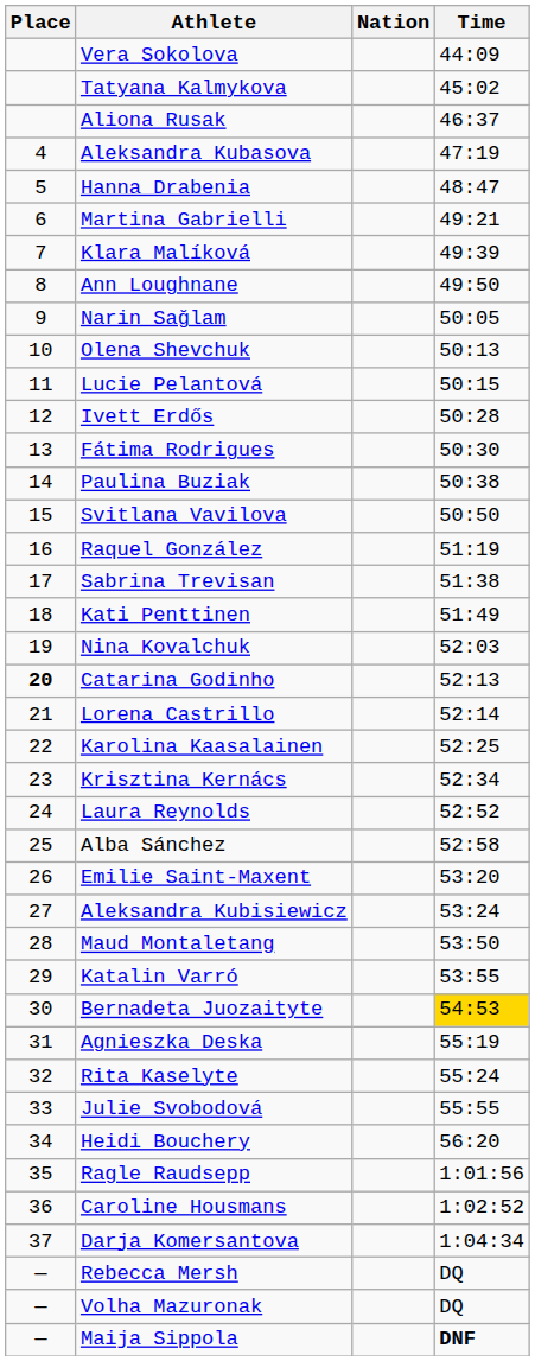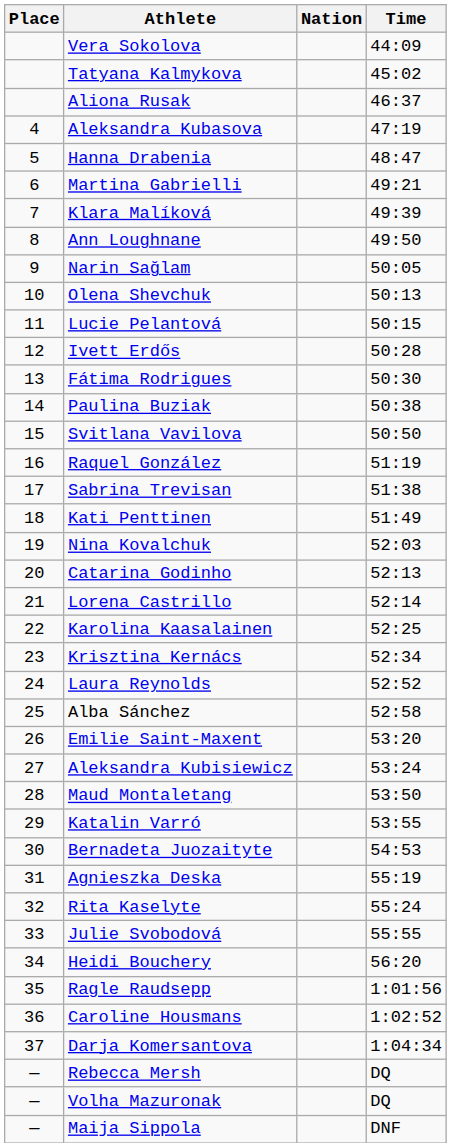 <table class=wikitable>
 <tr>
 <th>Place</th>
 <th>Athlete</th>
 <th>Nation</th>
 <th>Time</th>
 </tr>
 <tr>
 <td align=center></td>
 <td><a href='#'>Vera Sokolova</a></td>
 <td></td>
 <td>44:09</td>
 </tr>
 <tr>
 <td align=center></td>
 <td><a href='#'>Tatyana Kalmykova</a></td>
 <td></td>
 <td>45:02</td>
 </tr>
 <tr>
 <td align=center></td>
 <td><a href='#'>Aliona Rusak</a></td>
 <td></td>
 <td>46:37</td>
 </tr>
 <tr>
 <td align=center>4</td>
 <td><a href='#'>Aleksandra Kubasova</a></td>
 <td></td>
 <td>47:19</td>
 </tr>
 <tr>
 <td align=center>5</td>
 <td><a href='#'>Hanna Drabenia</a></td>
 <td></td>
 <td>48:47</td>
 </tr>
 <tr>
 <td align=center>6</td>
 <td><a href='#'>Martina Gabrielli</a></td>
 <td></td>
 <td>49:21</td>
 </tr>
 <tr>
 <td align=center>7</td>
 <td><a href='#'>Klara Malíková</a></td>
 <td></td>
 <td>49:39</td>
 </tr>
 <tr>
 <td align=center>8</td>
 <td><a href='#'>Ann Loughnane</a></td>
 <td></td>
 <td>49:50</td>
 </tr>
 <tr>
 <td align=center>9</td>
 <td><a href='#'>Narin Sağlam</a></td>
 <td></td>
 <td>50:05</td>
 </tr>
 <tr>
 <td align=center>10</td>
 <td><a href='#'>Olena Shevchuk</a></td>
 <td></td>
 <td>50:13</td>
 </tr>
 <tr>
 <td align=center>11</td>
 <td><a href='#'>Lucie Pelantová</a></td>
 <td></td>
 <td>50:15</td>
 </tr>
 <tr>
 <td align=center>12</td>
 <td><a href='#'>Ivett Erdős</a></td>
 <td></td>
 <td>50:28</td>
 </tr>
 <tr>
 <td align=center>13</td>
 <td><a href='#'>Fátima Rodrigues</a></td>
 <td></td>
 <td>50:30</td>
 </tr>
 <tr>
 <td align=center>14</td>
 <td><a href='#'>Paulina Buziak</a></td>
 <td></td>
 <td>50:38</td>
 </tr>
 <tr>
 <td align=center>15</td>
 <td><a href='#'>Svitlana Vavilova</a></td>
 <td></td>
 <td>50:50</td>
 </tr>
 <tr>
 <td align=center>16</td>
 <td><a href='#'>Raquel González</a></td>
 <td></td>
 <td>51:19</td>
 </tr>
 <tr>
 <td align=center>17</td>
 <td><a href='#'>Sabrina Trevisan</a></td>
 <td></td>
 <td>51:38</td>
 </tr>
 <tr>
 <td align=center>18</td>
 <td><a href='#'>Kati Penttinen</a></td>
 <td></td>
 <td>51:49</td>
 </tr>
 <tr>
 <td align=center>19</td>
 <td><a href='#'>Nina Kovalchuk</a></td>
 <td></td>
 <td>52:03</td>
 </tr>
 <tr>
-<td align=center><strong>20</strong></td>
+<td align=center>20</td>
 <td><a href='#'>Catarina Godinho</a></td>
 <td></td>
 <td>52:13</td>
 </tr>
 <tr>
 <td align=center>21</td>
 <td><a href='#'>Lorena Castrillo</a></td>
 <td></td>
 <td>52:14</td>
 </tr>
 <tr>
 <td align=center>22</td>
 <td><a href='#'>Karolina Kaasalainen</a></td>
 <td></td>
 <td>52:25</td>
 </tr>
 <tr>
 <td align=center>23</td>
 <td><a href='#'>Krisztina Kernács</a></td>
 <td></td>
 <td>52:34</td>
 </tr>
 <tr>
 <td align=center>24</td>
 <td><a href='#'>Laura Reynolds</a></td>
 <td></td>
 <td>52:52</td>
 </tr>
 <tr>
 <td align=center>25</td>
 <td>Alba Sánchez</td>
 <td></td>
 <td>52:58</td>
 </tr>
 <tr>
 <td align=center>26</td>
 <td><a href='#'>Emilie Saint-Maxent</a></td>
 <td></td>
 <td>53:20</td>
 </tr>
 <tr>
 <td align=center>27</td>
 <td><a href='#'>Aleksandra Kubisiewicz</a></td>
 <td></td>
 <td>53:24</td>
 </tr>
 <tr>
 <td align=center>28</td>
 <td><a href='#'>Maud Montaletang</a></td>
 <td></td>
 <td>53:50</td>
 </tr>
 <tr>
 <td align=center>29</td>
 <td><a href='#'>Katalin Varró</a></td>
 <td></td>
 <td>53:55</td>
 </tr>
 <tr>
 <td align=center>30</td>
 <td><a href='#'>Bernadeta Juozaityte</a></td>
 <td></td>
-<td style="background: gold;">54:53</td>
+<td>54:53</td>
 </tr>
 <tr>
 <td align=center>31</td>
 <td><a href='#'>Agnieszka Deska</a></td>
 <td></td>
 <td>55:19</td>
 </tr>
 <tr>
 <td align=center>32</td>
 <td><a href='#'>Rita Kaselyte</a></td>
 <td></td>
 <td>55:24</td>
 </tr>
 <tr>
 <td align=center>33</td>
 <td><a href='#'>Julie Svobodová</a></td>
 <td></td>
 <td>55:55</td>
 </tr>
 <tr>
 <td align=center>34</td>
 <td><a href='#'>Heidi Bouchery</a></td>
 <td></td>
 <td>56:20</td>
 </tr>
 <tr>
 <td align=center>35</td>
 <td><a href='#'>Ragle Raudsepp</a></td>
 <td></td>
 <td>1:01:56</td>
 </tr>
 <tr>
 <td align=center>36</td>
 <td><a href='#'>Caroline Housmans</a></td>
 <td></td>
 <td>1:02:52</td>
 </tr>
 <tr>
 <td align=center>37</td>
 <td><a href='#'>Darja Komersantova</a></td>
 <td></td>
 <td>1:04:34</td>
 </tr>
 <tr>
 <td align=center>—</td>
 <td><a href='#'>Rebecca Mersh</a></td>
 <td></td>
 <td>DQ</td>
 </tr>
 <tr>
 <td align=center>—</td>
 <td><a href='#'>Volha Mazuronak</a></td>
 <td></td>
 <td>DQ</td>
 </tr>
 <tr>
 <td align=center>—</td>
 <td><a href='#'>Maija Sippola</a></td>
 <td></td>
-<td><strong>DNF</strong></td>
+<td>DNF</td>
 </tr>
 </table>
